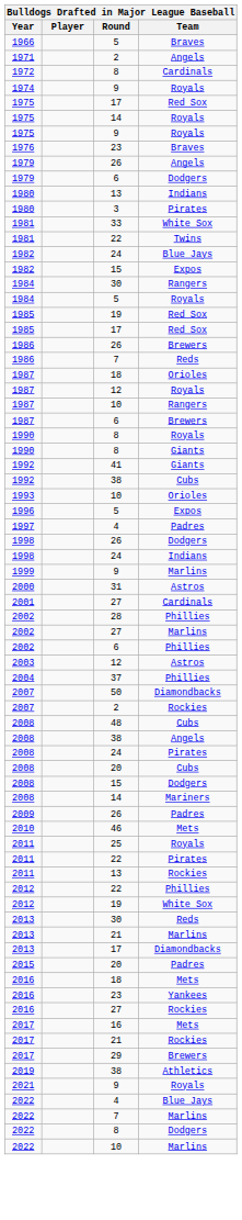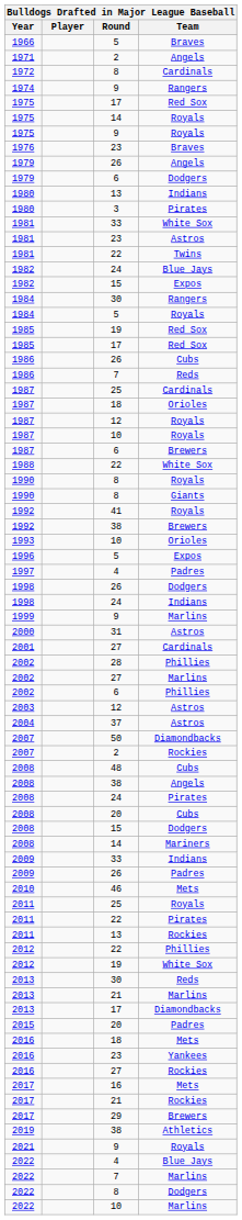 <table class="wikitable sortable collapsible collapsed" style="text-align:center">
 <tr>
 <th colspan=4>Bulldogs Drafted in Major League Baseball</th>
 </tr>
 <tr>
 <th>Year</th>
 <th>Player</th>
 <th>Round</th>
 <th>Team</th>
 </tr>
 <tr>
 <td><a href='#'>1966</a></td>
 <td></td>
 <td>5</td>
 <td><a href='#'>Braves</a></td>
 </tr>
 <tr>
 <td><a href='#'>1971</a></td>
 <td></td>
 <td>2</td>
 <td><a href='#'>Angels</a></td>
 </tr>
 <tr>
 <td><a href='#'>1972</a></td>
 <td></td>
 <td>8</td>
 <td><a href='#'>Cardinals</a></td>
 </tr>
 <tr>
 <td><a href='#'>1974</a></td>
 <td></td>
 <td>9</td>
-<td><a href='#'>Royals</a></td>
+<td><a href='#'>Rangers</a></td>
 </tr>
 <tr>
 <td><a href='#'>1975</a></td>
 <td></td>
 <td>17</td>
 <td><a href='#'>Red Sox</a></td>
 </tr>
 <tr>
 <td><a href='#'>1975</a></td>
 <td></td>
 <td>14</td>
 <td><a href='#'>Royals</a></td>
 </tr>
 <tr>
 <td><a href='#'>1975</a></td>
 <td></td>
 <td>9</td>
 <td><a href='#'>Royals</a></td>
 </tr>
 <tr>
 <td><a href='#'>1976</a></td>
 <td></td>
 <td>23</td>
 <td><a href='#'>Braves</a></td>
 </tr>
 <tr>
 <td><a href='#'>1979</a></td>
 <td></td>
 <td>26</td>
 <td><a href='#'>Angels</a></td>
 </tr>
 <tr>
 <td><a href='#'>1979</a></td>
 <td></td>
 <td>6</td>
 <td><a href='#'>Dodgers</a></td>
 </tr>
 <tr>
 <td><a href='#'>1980</a></td>
 <td></td>
 <td>13</td>
 <td><a href='#'>Indians</a></td>
 </tr>
 <tr>
 <td><a href='#'>1980</a></td>
 <td></td>
 <td>3</td>
 <td><a href='#'>Pirates</a></td>
 </tr>
 <tr>
 <td><a href='#'>1981</a></td>
 <td></td>
 <td>33</td>
 <td><a href='#'>White Sox</a></td>
 </tr>
 <tr>
 <td><a href='#'>1981</a></td>
 <td></td>
+<td>23</td>
+<td><a href='#'>Astros</a></td>
+</tr>
+<tr>
+<td><a href='#'>1981</a></td>
+<td></td>
 <td>22</td>
 <td><a href='#'>Twins</a></td>
 </tr>
 <tr>
 <td><a href='#'>1982</a></td>
 <td></td>
 <td>24</td>
 <td><a href='#'>Blue Jays</a></td>
 </tr>
 <tr>
 <td><a href='#'>1982</a></td>
 <td></td>
 <td>15</td>
 <td><a href='#'>Expos</a></td>
 </tr>
 <tr>
 <td><a href='#'>1984</a></td>
 <td></td>
 <td>30</td>
 <td><a href='#'>Rangers</a></td>
 </tr>
 <tr>
 <td><a href='#'>1984</a></td>
 <td></td>
 <td>5</td>
 <td><a href='#'>Royals</a></td>
 </tr>
 <tr>
 <td><a href='#'>1985</a></td>
 <td></td>
 <td>19</td>
 <td><a href='#'>Red Sox</a></td>
 </tr>
 <tr>
 <td><a href='#'>1985</a></td>
 <td></td>
 <td>17</td>
 <td><a href='#'>Red Sox</a></td>
 </tr>
 <tr>
 <td><a href='#'>1986</a></td>
 <td></td>
 <td>26</td>
-<td><a href='#'>Brewers</a></td>
+<td><a href='#'>Cubs</a></td>
 </tr>
 <tr>
 <td><a href='#'>1986</a></td>
 <td></td>
 <td>7</td>
 <td><a href='#'>Reds</a></td>
+</tr>
+<tr>
+<td><a href='#'>1987</a></td>
+<td></td>
+<td>25</td>
+<td><a href='#'>Cardinals</a></td>
 </tr>
 <tr>
 <td><a href='#'>1987</a></td>
 <td></td>
 <td>18</td>
 <td><a href='#'>Orioles</a></td>
 </tr>
 <tr>
 <td><a href='#'>1987</a></td>
 <td></td>
 <td>12</td>
 <td><a href='#'>Royals</a></td>
 </tr>
 <tr>
 <td><a href='#'>1987</a></td>
 <td></td>
 <td>10</td>
-<td><a href='#'>Rangers</a></td>
+<td><a href='#'>Royals</a></td>
 </tr>
 <tr>
 <td><a href='#'>1987</a></td>
 <td></td>
 <td>6</td>
 <td><a href='#'>Brewers</a></td>
+</tr>
+<tr>
+<td><a href='#'>1988</a></td>
+<td></td>
+<td>22</td>
+<td><a href='#'>White Sox</a></td>
 </tr>
 <tr>
 <td><a href='#'>1990</a></td>
 <td></td>
 <td>8</td>
 <td><a href='#'>Royals</a></td>
 </tr>
 <tr>
 <td><a href='#'>1990</a></td>
 <td></td>
 <td>8</td>
 <td><a href='#'>Giants</a></td>
 </tr>
 <tr>
 <td><a href='#'>1992</a></td>
 <td></td>
 <td>41</td>
-<td><a href='#'>Giants</a></td>
+<td><a href='#'>Royals</a></td>
 </tr>
 <tr>
 <td><a href='#'>1992</a></td>
 <td></td>
 <td>38</td>
-<td><a href='#'>Cubs</a></td>
+<td><a href='#'>Brewers</a></td>
 </tr>
 <tr>
 <td><a href='#'>1993</a></td>
 <td></td>
 <td>10</td>
 <td><a href='#'>Orioles</a></td>
 </tr>
 <tr>
 <td><a href='#'>1996</a></td>
 <td></td>
 <td>5</td>
 <td><a href='#'>Expos</a></td>
 </tr>
 <tr>
 <td><a href='#'>1997</a></td>
 <td></td>
 <td>4</td>
 <td><a href='#'>Padres</a></td>
 </tr>
 <tr>
 <td><a href='#'>1998</a></td>
 <td></td>
 <td>26</td>
 <td><a href='#'>Dodgers</a></td>
 </tr>
 <tr>
 <td><a href='#'>1998</a></td>
 <td></td>
 <td>24</td>
 <td><a href='#'>Indians</a></td>
 </tr>
 <tr>
 <td><a href='#'>1999</a></td>
 <td></td>
 <td>9</td>
 <td><a href='#'>Marlins</a></td>
 </tr>
 <tr>
 <td><a href='#'>2000</a></td>
 <td></td>
 <td>31</td>
 <td><a href='#'>Astros</a></td>
 </tr>
 <tr>
 <td><a href='#'>2001</a></td>
 <td></td>
 <td>27</td>
 <td><a href='#'>Cardinals</a></td>
 </tr>
 <tr>
 <td><a href='#'>2002</a></td>
 <td></td>
 <td>28</td>
 <td><a href='#'>Phillies</a></td>
 </tr>
 <tr>
 <td><a href='#'>2002</a></td>
 <td></td>
 <td>27</td>
 <td><a href='#'>Marlins</a></td>
 </tr>
 <tr>
 <td><a href='#'>2002</a></td>
 <td></td>
 <td>6</td>
 <td><a href='#'>Phillies</a></td>
 </tr>
 <tr>
 <td><a href='#'>2003</a></td>
 <td></td>
 <td>12</td>
 <td><a href='#'>Astros</a></td>
 </tr>
 <tr>
 <td><a href='#'>2004</a></td>
 <td></td>
 <td>37</td>
-<td><a href='#'>Phillies</a></td>
+<td><a href='#'>Astros</a></td>
 </tr>
 <tr>
 <td><a href='#'>2007</a></td>
 <td></td>
 <td>50</td>
 <td><a href='#'>Diamondbacks</a></td>
 </tr>
 <tr>
 <td><a href='#'>2007</a></td>
 <td></td>
 <td>2</td>
 <td><a href='#'>Rockies</a></td>
 </tr>
 <tr>
 <td><a href='#'>2008</a></td>
 <td></td>
 <td>48</td>
 <td><a href='#'>Cubs</a></td>
 </tr>
 <tr>
 <td><a href='#'>2008</a></td>
 <td></td>
 <td>38</td>
 <td><a href='#'>Angels</a></td>
 </tr>
 <tr>
 <td><a href='#'>2008</a></td>
 <td></td>
 <td>24</td>
 <td><a href='#'>Pirates</a></td>
 </tr>
 <tr>
 <td><a href='#'>2008</a></td>
 <td></td>
 <td>20</td>
 <td><a href='#'>Cubs</a></td>
 </tr>
 <tr>
 <td><a href='#'>2008</a></td>
 <td></td>
 <td>15</td>
 <td><a href='#'>Dodgers</a></td>
 </tr>
 <tr>
 <td><a href='#'>2008</a></td>
 <td></td>
 <td>14</td>
 <td><a href='#'>Mariners</a></td>
+</tr>
+<tr>
+<td><a href='#'>2009</a></td>
+<td></td>
+<td>33</td>
+<td><a href='#'>Indians</a></td>
 </tr>
 <tr>
 <td><a href='#'>2009</a></td>
 <td></td>
 <td>26</td>
 <td><a href='#'>Padres</a></td>
 </tr>
 <tr>
 <td><a href='#'>2010</a></td>
 <td></td>
 <td>46</td>
 <td><a href='#'>Mets</a></td>
 </tr>
 <tr>
 <td><a href='#'>2011</a></td>
 <td></td>
 <td>25</td>
 <td><a href='#'>Royals</a></td>
 </tr>
 <tr>
 <td><a href='#'>2011</a></td>
 <td></td>
 <td>22</td>
 <td><a href='#'>Pirates</a></td>
 </tr>
 <tr>
 <td><a href='#'>2011</a></td>
 <td></td>
 <td>13</td>
 <td><a href='#'>Rockies</a></td>
 </tr>
 <tr>
 <td><a href='#'>2012</a></td>
 <td></td>
 <td>22</td>
 <td><a href='#'>Phillies</a></td>
 </tr>
 <tr>
 <td><a href='#'>2012</a></td>
 <td></td>
 <td>19</td>
 <td><a href='#'>White Sox</a></td>
 </tr>
 <tr>
 <td><a href='#'>2013</a></td>
 <td></td>
 <td>30</td>
 <td><a href='#'>Reds</a></td>
 </tr>
 <tr>
 <td><a href='#'>2013</a></td>
 <td></td>
 <td>21</td>
 <td><a href='#'>Marlins</a></td>
 </tr>
 <tr>
 <td><a href='#'>2013</a></td>
 <td></td>
 <td>17</td>
 <td><a href='#'>Diamondbacks</a></td>
 </tr>
 <tr>
 <td><a href='#'>2015</a></td>
 <td></td>
 <td>20</td>
 <td><a href='#'>Padres</a></td>
 </tr>
 <tr>
 <td><a href='#'>2016</a></td>
 <td></td>
 <td>18</td>
 <td><a href='#'>Mets</a></td>
 </tr>
 <tr>
 <td><a href='#'>2016</a></td>
 <td></td>
 <td>23</td>
 <td><a href='#'>Yankees</a></td>
 </tr>
 <tr>
 <td><a href='#'>2016</a></td>
 <td></td>
 <td>27</td>
 <td><a href='#'>Rockies</a></td>
 </tr>
 <tr>
 <td><a href='#'>2017</a></td>
 <td></td>
 <td>16</td>
 <td><a href='#'>Mets</a></td>
 </tr>
 <tr>
 <td><a href='#'>2017</a></td>
 <td></td>
 <td>21</td>
 <td><a href='#'>Rockies</a></td>
 </tr>
 <tr>
 <td><a href='#'>2017</a></td>
 <td></td>
 <td>29</td>
 <td><a href='#'>Brewers</a></td>
 </tr>
 <tr>
 <td><a href='#'>2019</a></td>
 <td></td>
 <td>38</td>
 <td><a href='#'>Athletics</a></td>
 </tr>
 <tr>
 <td><a href='#'>2021</a></td>
 <td></td>
 <td>9</td>
 <td><a href='#'>Royals</a></td>
 </tr>
 <tr>
 <td><a href='#'>2022</a></td>
 <td></td>
 <td>4</td>
 <td><a href='#'>Blue Jays</a></td>
 </tr>
 <tr>
 <td><a href='#'>2022</a></td>
 <td></td>
 <td>7</td>
 <td><a href='#'>Marlins</a></td>
 </tr>
 <tr>
 <td><a href='#'>2022</a></td>
 <td></td>
 <td>8</td>
 <td><a href='#'>Dodgers</a></td>
 </tr>
 <tr>
 <td><a href='#'>2022</a></td>
 <td></td>
 <td>10</td>
 <td><a href='#'>Marlins</a></td>
 </tr>
 </table>
